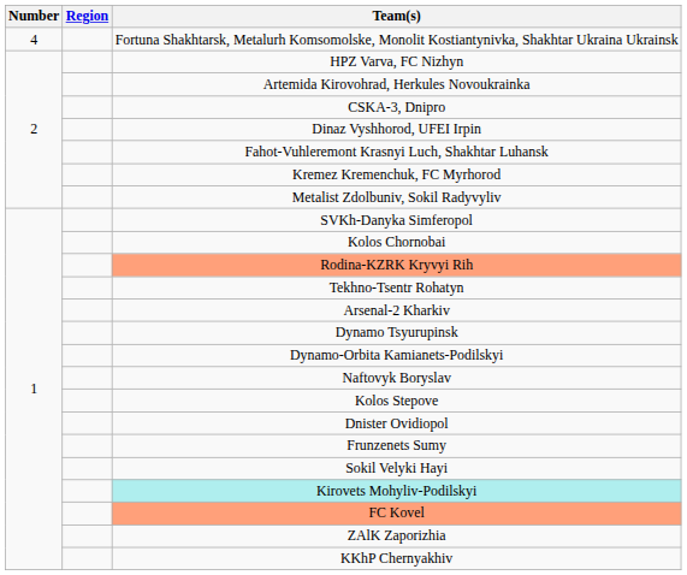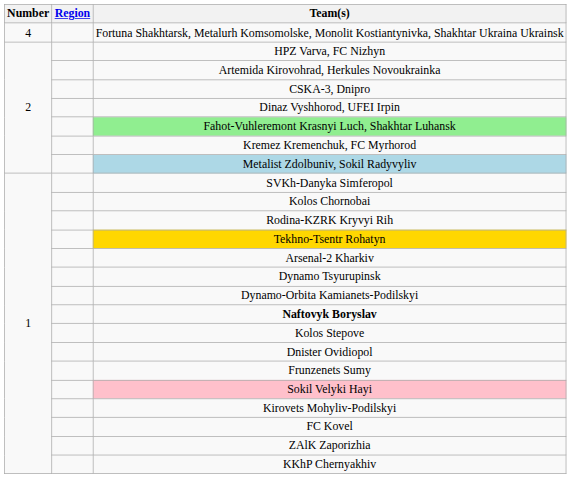 <table class="wikitable" style="text-align:center">
 <tr>
 <th>Number</th>
 <th><a href='#'>Region</a></th>
 <th>Team(s)</th>
 </tr>
 <tr>
 <td rowspan="1">4</td>
 <td align="left"></td>
 <td>Fortuna Shakhtarsk, Metalurh Komsomolske, Monolit Kostiantynivka, Shakhtar Ukraina Ukrainsk</td>
 </tr>
 <tr>
 <td rowspan="7">2</td>
 <td align="left"></td>
 <td>HPZ Varva, FC Nizhyn</td>
 </tr>
 <tr>
 <td align="left"></td>
 <td>Artemida Kirovohrad, Herkules Novoukrainka</td>
 </tr>
 <tr>
 <td align="left"></td>
 <td>CSKA-3, Dnipro</td>
 </tr>
 <tr>
 <td align="left"></td>
 <td>Dinaz Vyshhorod, UFEI Irpin</td>
 </tr>
 <tr>
 <td align="left"></td>
-<td>Fahot-Vuhleremont Krasnyi Luch, Shakhtar Luhansk</td>
+<td style="background: lightgreen;">Fahot-Vuhleremont Krasnyi Luch, Shakhtar Luhansk</td>
 </tr>
 <tr>
 <td align="left"></td>
 <td>Kremez Kremenchuk, FC Myrhorod</td>
 </tr>
 <tr>
 <td align="left"></td>
-<td>Metalist Zdolbuniv, Sokil Radyvyliv</td>
+<td style="background: lightblue;">Metalist Zdolbuniv, Sokil Radyvyliv</td>
 </tr>
 <tr>
 <td rowspan="16">1</td>
 <td align="left"></td>
 <td>SVKh-Danyka Simferopol</td>
 </tr>
 <tr>
 <td align="left"></td>
 <td>Kolos Chornobai</td>
 </tr>
 <tr>
 <td align="left"></td>
-<td style="background: lightsalmon;">Rodina-KZRK Kryvyi Rih</td>
+<td>Rodina-KZRK Kryvyi Rih</td>
 </tr>
 <tr>
 <td align="left"></td>
-<td>Tekhno-Tsentr Rohatyn</td>
+<td style="background: gold;">Tekhno-Tsentr Rohatyn</td>
 </tr>
 <tr>
 <td align="left"></td>
 <td>Arsenal-2 Kharkiv</td>
 </tr>
 <tr>
 <td align="left"></td>
 <td>Dynamo Tsyurupinsk</td>
 </tr>
 <tr>
 <td align="left"></td>
 <td>Dynamo-Orbita Kamianets-Podilskyi</td>
 </tr>
 <tr>
 <td align="left"></td>
-<td>Naftovyk Boryslav</td>
+<td><strong>Naftovyk Boryslav</strong></td>
 </tr>
 <tr>
 <td align="left"></td>
 <td>Kolos Stepove</td>
 </tr>
 <tr>
 <td align="left"></td>
 <td>Dnister Ovidiopol</td>
 </tr>
 <tr>
 <td align="left"></td>
 <td>Frunzenets Sumy</td>
 </tr>
 <tr>
 <td align="left"></td>
-<td>Sokil Velyki Hayi</td>
+<td style="background: pink;">Sokil Velyki Hayi</td>
 </tr>
 <tr>
 <td align="left"></td>
-<td style="background: paleturquoise;">Kirovets Mohyliv-Podilskyi</td>
+<td>Kirovets Mohyliv-Podilskyi</td>
 </tr>
 <tr>
 <td align="left"></td>
-<td style="background: lightsalmon;">FC Kovel</td>
+<td>FC Kovel</td>
 </tr>
 <tr>
 <td align="left"></td>
 <td>ZAlK Zaporizhia</td>
 </tr>
 <tr>
 <td align="left"></td>
 <td>KKhP Chernyakhiv</td>
 </tr>
 </table>
